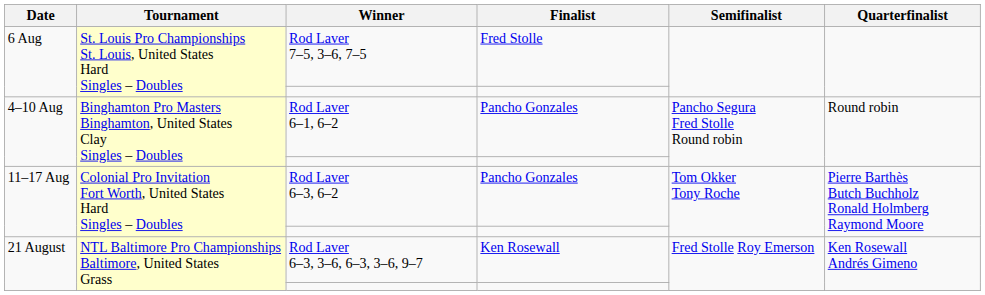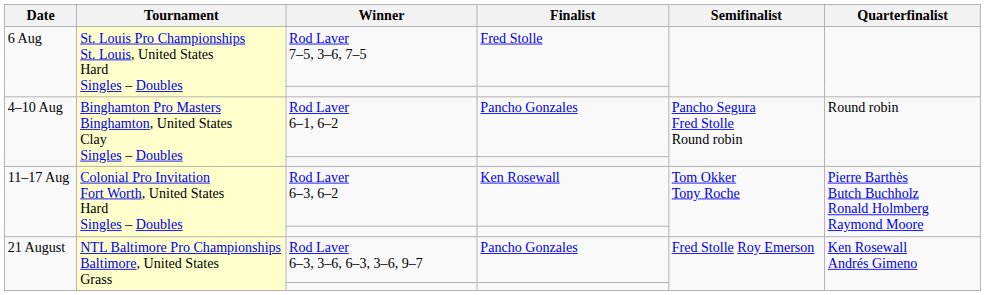 <table class="wikitable">
 <tr>
 <th width="75">Date</th>
 <th width="230">Tournament</th>
 <th width="210">Winner</th>
 <th width="210">Finalist</th>
 <th width="170">Semifinalist</th>
 <th width="170">Quarterfinalist</th>
 </tr>
 <tr valign=top>
 <td rowspan=2>6 Aug</td>
 <td style="background:#ffc;" rowspan=2><a href='#'>St. Louis Pro Championships</a><br><a href='#'>St. Louis</a>, United States<br>Hard<br><a href='#'>Singles</a> – <a href='#'>Doubles</a></td>
 <td> <a href='#'>Rod Laver</a><br>7–5, 3–6, 7–5</td>
 <td> <a href='#'>Fred Stolle</a></td>
 <td rowspan=2></td>
 <td rowspan=2></td>
 </tr>
 <tr valign=top>
 <td></td>
 <td></td>
 </tr>
 <tr valign=top>
 <td rowspan=2>4–10 Aug</td>
 <td style="background:#ffc;" rowspan=2><a href='#'>Binghamton Pro Masters</a><br><a href='#'>Binghamton</a>, United States<br>Clay<br><a href='#'>Singles</a> – <a href='#'>Doubles</a></td>
 <td> <a href='#'>Rod Laver</a><br>6–1, 6–2</td>
 <td> <a href='#'>Pancho Gonzales</a></td>
 <td rowspan=2> <a href='#'>Pancho Segura</a> <br>  <a href='#'>Fred Stolle</a>  <br> Round robin</td>
 <td rowspan=2>Round robin</td>
 </tr>
 <tr valign=top>
 <td></td>
 <td></td>
 </tr>
 <tr valign=top>
 <td rowspan=2>11–17 Aug </td>
 <td style="background:#ffc;" rowspan=2><a href='#'>Colonial Pro Invitation </a><br><a href='#'>Fort Worth</a>, United States<br> Hard<br><a href='#'>Singles</a> – <a href='#'>Doubles</a></td>
 <td> <a href='#'>Rod Laver</a><br>6–3, 6–2</td>
-<td> <a href='#'>Pancho Gonzales</a></td>
+<td> <a href='#'>Ken Rosewall</a></td>
 <td rowspan=2>  <a href='#'>Tom Okker</a> <br>  <a href='#'>Tony Roche</a></td>
 <td rowspan=2> <a href='#'>Pierre Barthès</a> <br>  <a href='#'>Butch Buchholz</a> <br>  <a href='#'>Ronald Holmberg</a> <br>  <a href='#'>Raymond Moore</a></td>
 </tr>
 <tr valign=top>
 <td></td>
 <td></td>
 </tr>
 <tr valign=top>
 <td rowspan=2>21 August</td>
 <td style="background:#ffc;" rowspan=2><a href='#'>NTL Baltimore Pro Championships</a><br><a href='#'>Baltimore</a>, United States<br>Grass</td>
 <td> <a href='#'>Rod Laver</a><br>6–3, 3–6, 6–3, 3–6, 9–7</td>
-<td> <a href='#'>Ken Rosewall</a></td>
+<td> <a href='#'>Pancho Gonzales</a></td>
 <td rowspan=2> <a href='#'>Fred Stolle</a>   <a href='#'>Roy Emerson</a></td>
 <td rowspan=2> <a href='#'>Ken Rosewall</a> <br> <a href='#'>Andrés Gimeno</a></td>
 </tr>
 <tr valign=top>
 <td></td>
 <td></td>
 </tr>
 </table>
